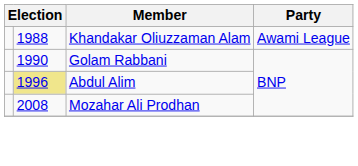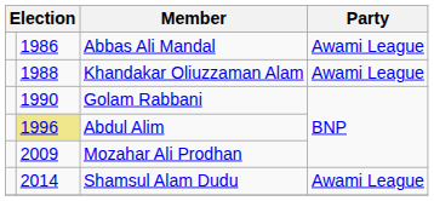 <table class="wikitable">
 <tr>
 <th colspan="2">Election</th>
 <th>Member</th>
 <th>Party</th>
+</tr>
+<tr>
+<td style="background-color:"></td>
+<td><a href='#'>1986</a></td>
+<td><a href='#'>Abbas Ali Mandal</a></td>
+<td><a href='#'>Awami League</a></td>
 </tr>
 <tr>
 <td style="background-color:"></td>
 <td><a href='#'>1988</a></td>
 <td><a href='#'>Khandakar Oliuzzaman Alam</a></td>
 <td><a href='#'>Awami League</a></td>
 </tr>
 <tr>
 <td style="background-color:"></td>
 <td><a href='#'>1990</a></td>
 <td><a href='#'>Golam Rabbani</a></td>
 <td rowspan="3"><a href='#'>BNP</a></td>
 </tr>
 <tr>
 <td style="background-color:"></td>
 <td style="background: khaki;"><a href='#'>1996</a></td>
 <td><a href='#'>Abdul Alim</a></td>
 </tr>
 <tr>
 <td style="background-color:"></td>
-<td><a href='#'>2008</a></td>
+<td><a href='#'>2009</a></td>
 <td><a href='#'>Mozahar Ali Prodhan</a></td>
+</tr>
+<tr>
+<td style="background-color:"></td>
+<td><a href='#'>2014</a></td>
+<td><a href='#'>Shamsul Alam Dudu</a></td>
+<td><a href='#'>Awami League</a></td>
 </tr>
 <tr>
 </tr>
 </table>
